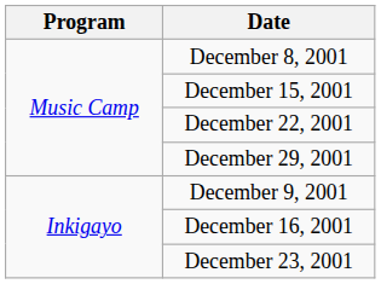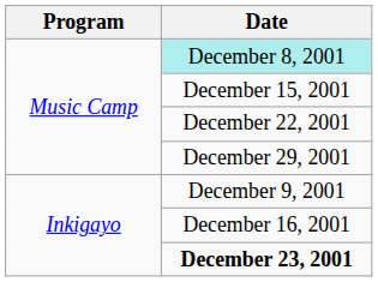 <table class="wikitable" style="text-align:center">
 <tr>
 <th width="110">Program</th>
 <th width="150">Date</th>
 </tr>
 <tr>
 <td rowspan="4"><em><a href='#'>Music Camp</a></em></td>
-<td>December 8, 2001</td>
+<td style="background: paleturquoise;">December 8, 2001</td>
 </tr>
 <tr>
 <td>December 15, 2001</td>
 </tr>
 <tr>
 <td>December 22, 2001</td>
 </tr>
 <tr>
 <td>December 29, 2001</td>
 </tr>
 <tr>
 <td rowspan="3"><em><a href='#'>Inkigayo</a></em></td>
 <td>December 9, 2001</td>
 </tr>
 <tr>
 <td>December 16, 2001</td>
 </tr>
 <tr>
-<td>December 23, 2001</td>
+<td><strong>December 23, 2001</strong></td>
 </tr>
 </table>
